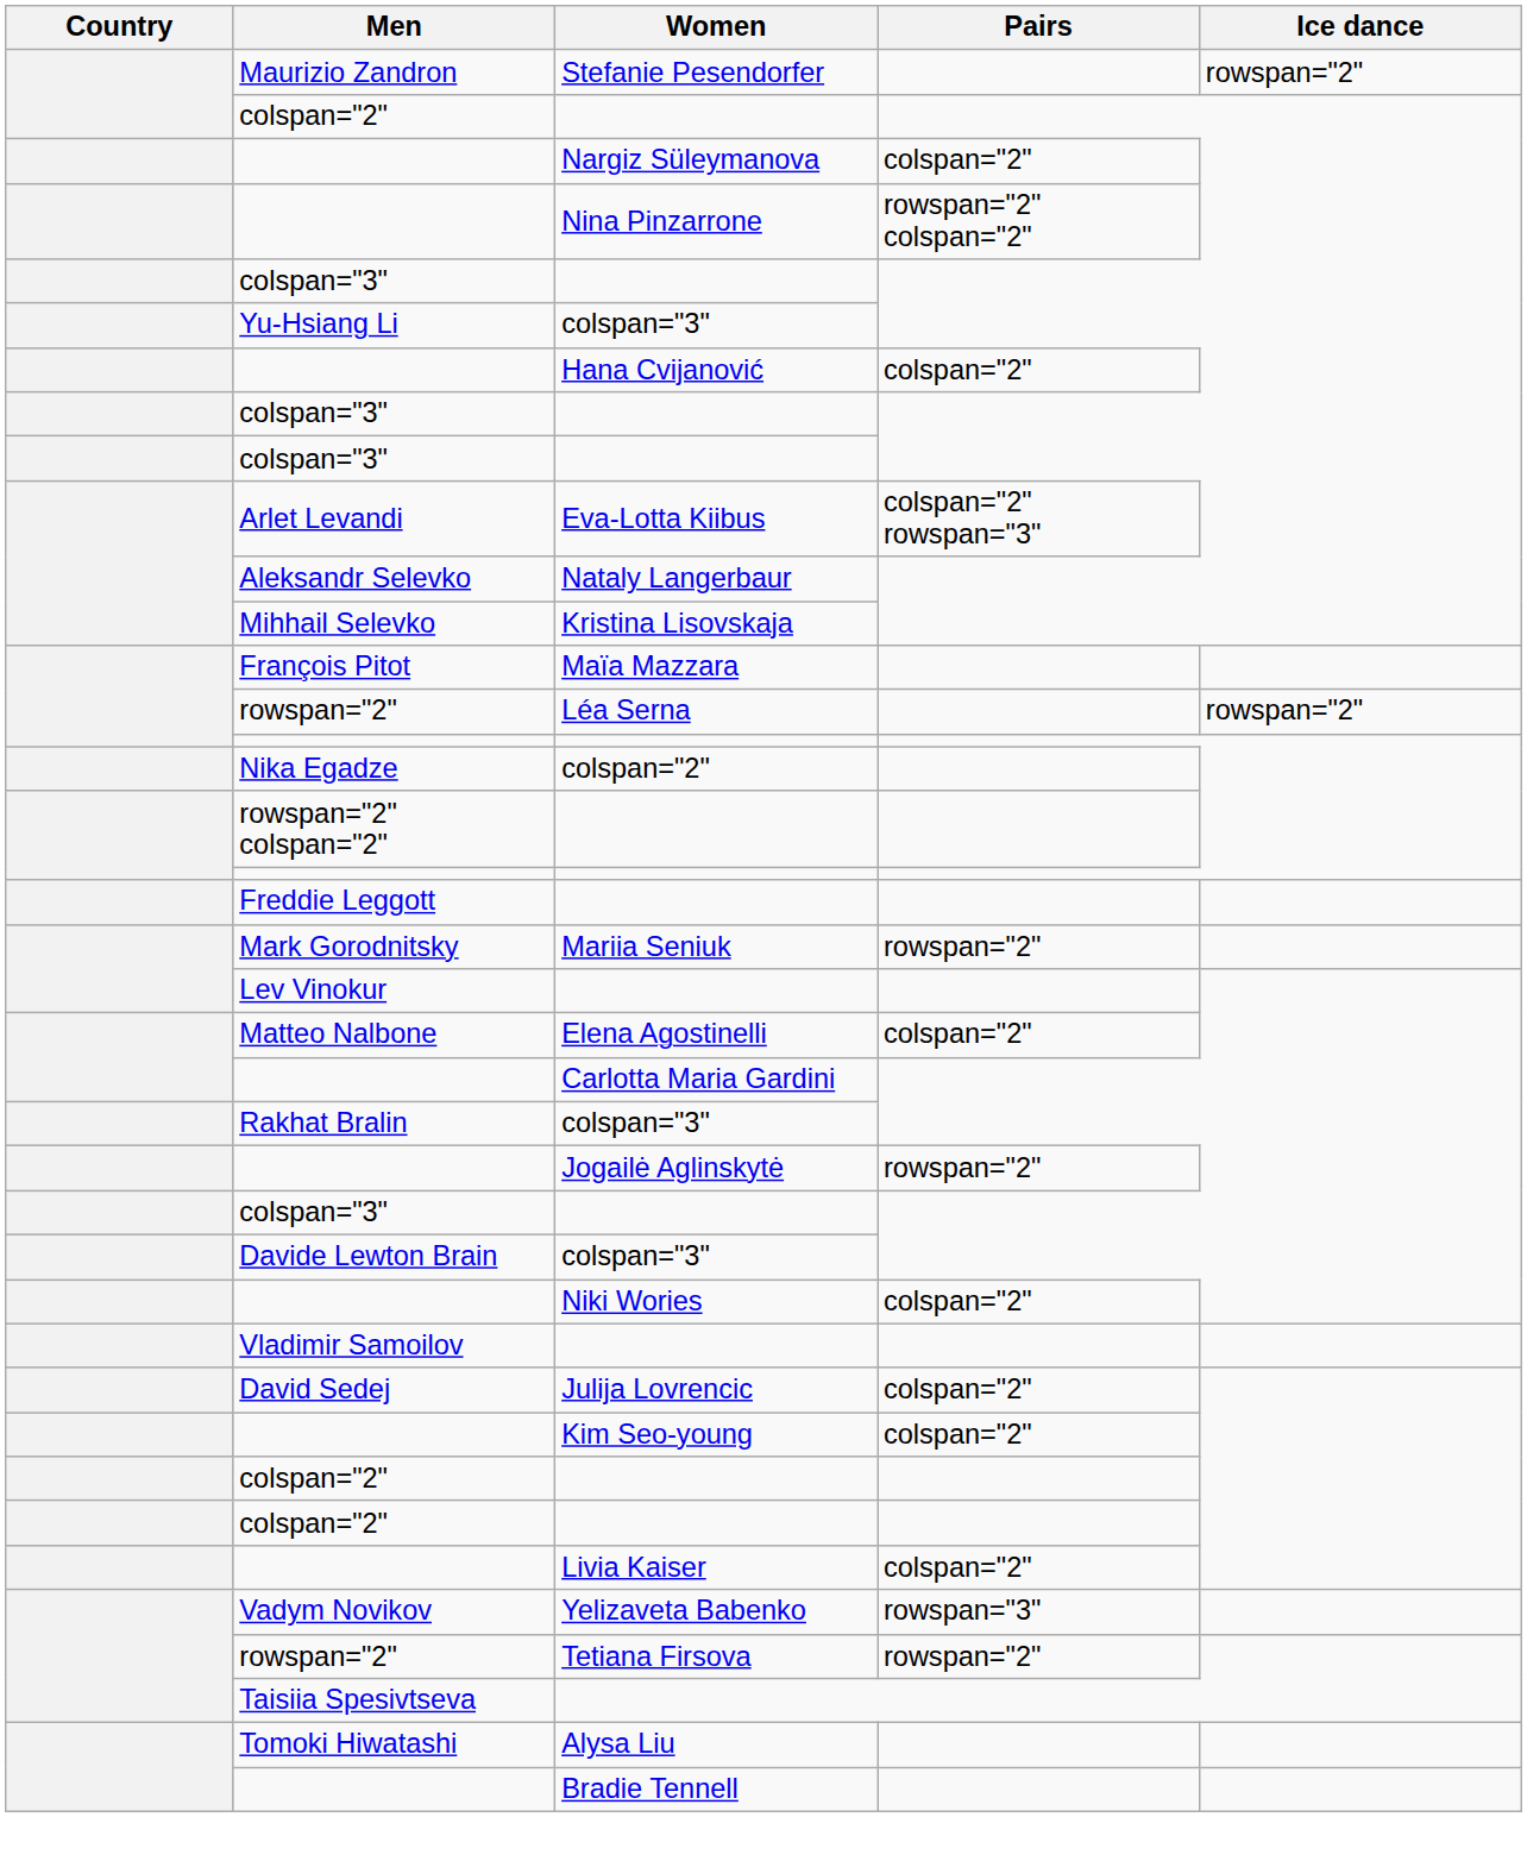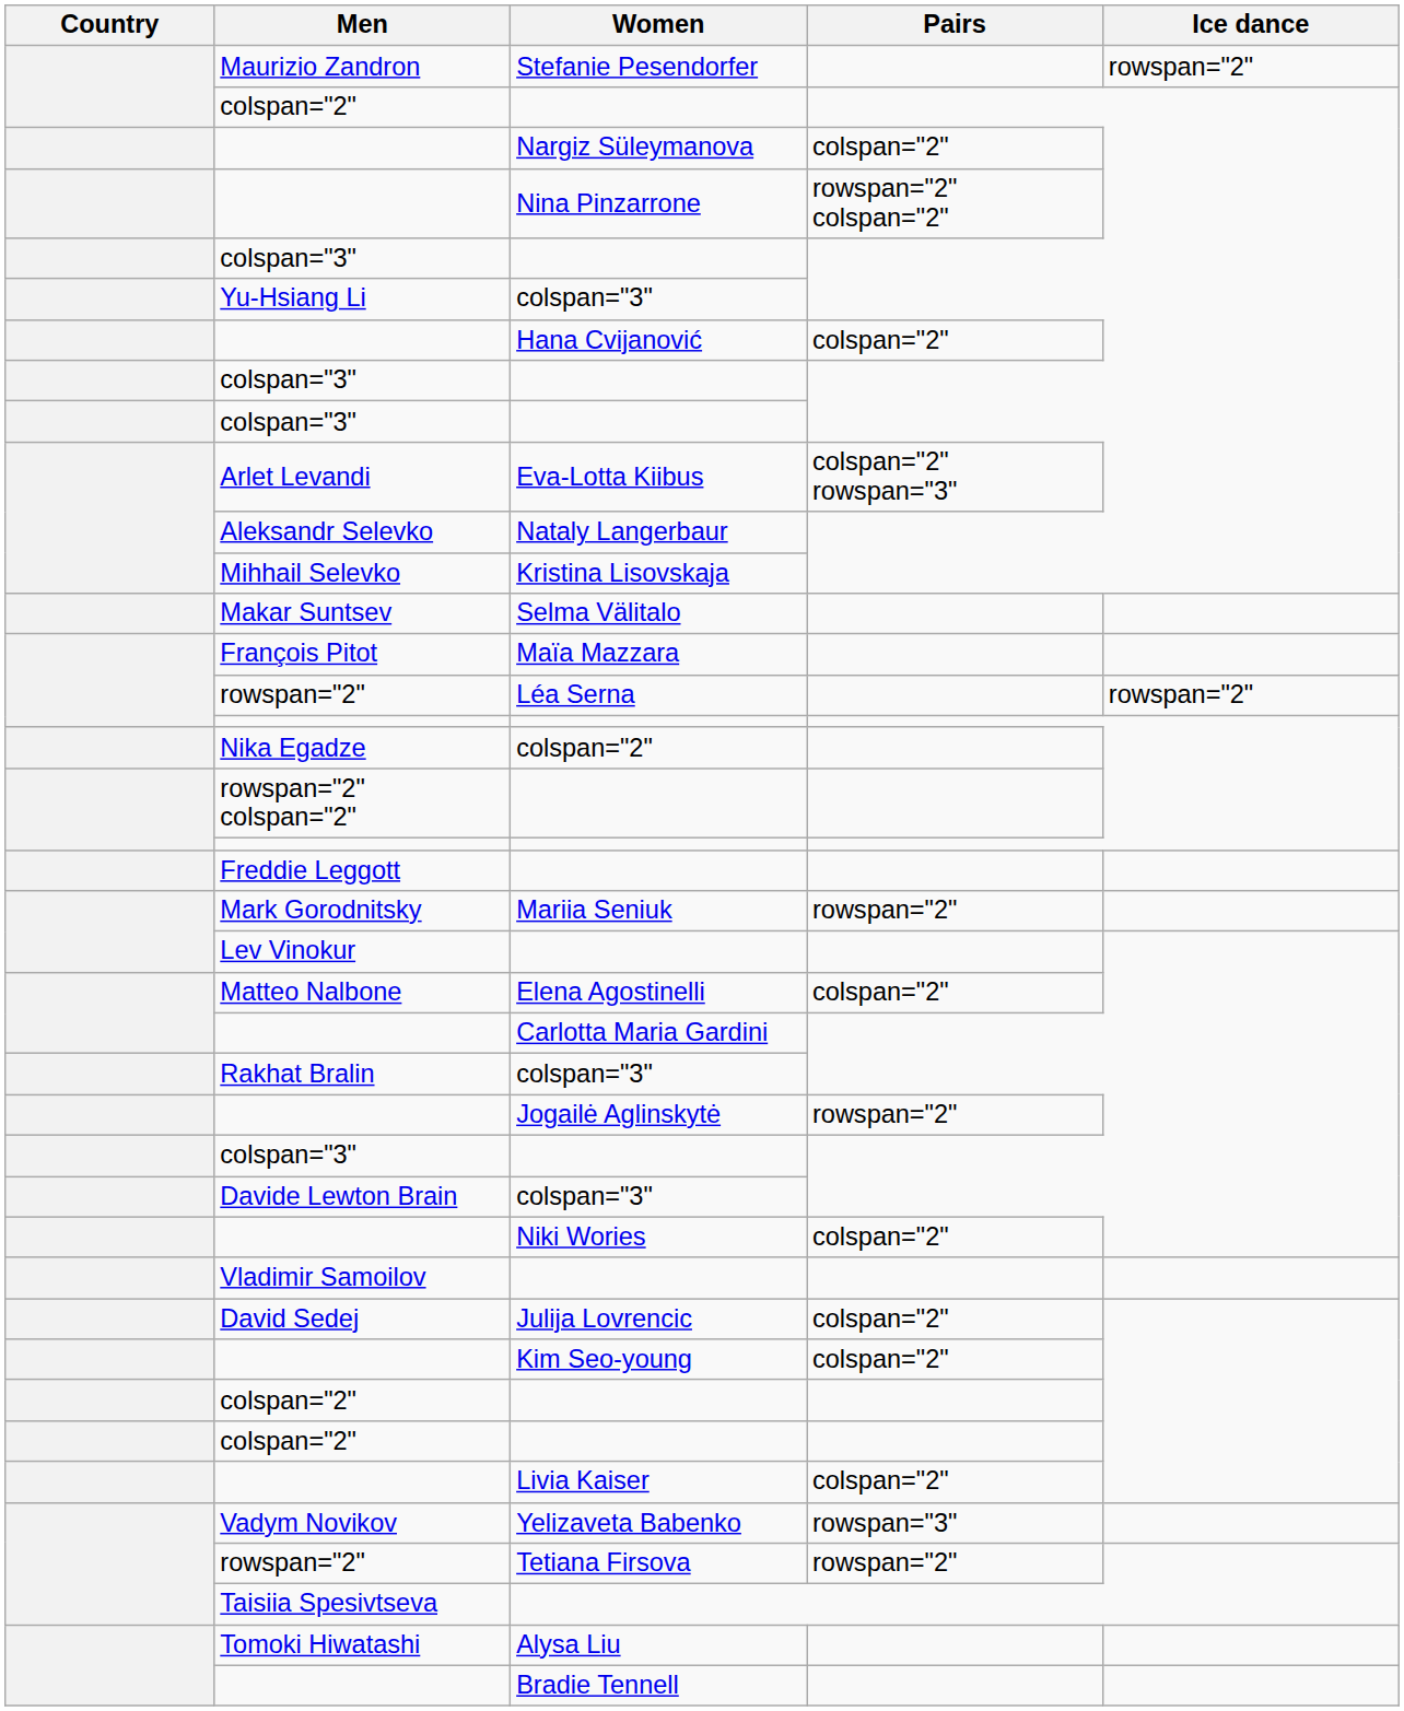 <table class="wikitable unsortable" style="text-align:left">
 <tr>
 <th scope="col" style="width:15%">Country</th>
 <th scope="col" style="width:21.25%">Men</th>
 <th scope="col" style="width:21.25%">Women</th>
 <th scope="col" style="width:21.25%">Pairs</th>
 <th scope="col" style="width:21.25%">Ice dance</th>
 </tr>
 <tr>
 <th rowspan="2" scope="row" style="text-align:left"></th>
 <td><a href='#'>Maurizio Zandron</a></td>
 <td><a href='#'>Stefanie Pesendorfer</a></td>
 <td></td>
 <td>rowspan="2" </td>
 </tr>
 <tr>
 <td>colspan="2" </td>
 <td></td>
 </tr>
 <tr>
 <th scope="row" style="text-align:left"></th>
 <td></td>
 <td><a href='#'>Nargiz Süleymanova</a></td>
 <td>colspan="2" </td>
 </tr>
 <tr>
 <th scope="row" style="text-align:left"></th>
 <td></td>
 <td><a href='#'>Nina Pinzarrone</a></td>
 <td>rowspan="2" colspan="2" </td>
 </tr>
 <tr>
 <th scope="row" style="text-align:left"></th>
 <td>colspan="3" </td>
 <td></td>
 </tr>
 <tr>
 <th scope="row" style="text-align:left"></th>
 <td><a href='#'>Yu-Hsiang Li</a></td>
 <td>colspan="3" </td>
 </tr>
 <tr>
 <th scope="row" style="text-align:left"></th>
 <td></td>
 <td><a href='#'>Hana Cvijanović</a></td>
 <td>colspan="2" </td>
 </tr>
 <tr>
 <th scope="row" style="text-align:left"></th>
 <td>colspan="3" </td>
 <td></td>
 </tr>
 <tr>
 <th scope="row" style="text-align:left"></th>
 <td>colspan="3" </td>
 <td></td>
 </tr>
 <tr>
 <th rowspan="3" scope="row" style="text-align:left"></th>
 <td><a href='#'>Arlet Levandi</a></td>
 <td><a href='#'>Eva-Lotta Kiibus</a></td>
 <td>colspan="2" rowspan="3" </td>
 </tr>
 <tr>
 <td><a href='#'>Aleksandr Selevko</a></td>
 <td><a href='#'>Nataly Langerbaur</a></td>
 </tr>
 <tr>
 <td><a href='#'>Mihhail Selevko</a></td>
 <td><a href='#'>Kristina Lisovskaja</a></td>
+</tr>
+<tr>
+<th scope="row" style="text-align:left"></th>
+<td><a href='#'>Makar Suntsev</a></td>
+<td><a href='#'>Selma Välitalo</a></td>
+<td></td>
+<td></td>
 </tr>
 <tr>
 <th rowspan="3" scope="row" style="text-align:left"></th>
 <td><a href='#'>François Pitot</a></td>
 <td><a href='#'>Maïa Mazzara</a></td>
 <td></td>
 <td></td>
 </tr>
 <tr>
 <td>rowspan="2" </td>
 <td><a href='#'>Léa Serna</a></td>
 <td></td>
 <td>rowspan="2" </td>
 </tr>
 <tr>
 <td></td>
 <td></td>
 </tr>
 <tr>
 <th scope="row" style="text-align:left"></th>
 <td><a href='#'>Nika Egadze</a></td>
 <td>colspan="2" </td>
 <td></td>
 </tr>
 <tr>
 <th rowspan="2" scope="row" style="text-align:left"></th>
 <td>rowspan="2" colspan="2" </td>
 <td></td>
 <td></td>
 </tr>
 <tr>
 <td></td>
 <td></td>
 </tr>
 <tr>
 <th scope="row" style="text-align:left"></th>
 <td><a href='#'>Freddie Leggott</a></td>
 <td></td>
 <td></td>
 <td></td>
 </tr>
 <tr>
 <th scope="row" style="text-align:left" rowspan="2"></th>
 <td><a href='#'>Mark Gorodnitsky</a></td>
 <td><a href='#'>Mariia Seniuk</a></td>
 <td>rowspan="2" </td>
 <td></td>
 </tr>
 <tr>
 <td><a href='#'>Lev Vinokur</a></td>
 <td></td>
 <td></td>
 </tr>
 <tr>
 <th rowspan="2" scope="row" style="text-align:left"></th>
 <td><a href='#'>Matteo Nalbone</a></td>
 <td><a href='#'>Elena Agostinelli</a></td>
 <td>colspan="2" </td>
 </tr>
 <tr>
 <td></td>
 <td><a href='#'>Carlotta Maria Gardini</a></td>
 </tr>
 <tr>
 <th scope="row" style="text-align:left"></th>
 <td><a href='#'>Rakhat Bralin</a></td>
 <td>colspan="3" </td>
 </tr>
 <tr>
 <th scope="row" style="text-align:left"></th>
 <td></td>
 <td><a href='#'>Jogailė Aglinskytė</a></td>
 <td>rowspan="2" </td>
 </tr>
 <tr>
 <th scope="row" style="text-align:left"></th>
 <td>colspan="3" </td>
 <td></td>
 </tr>
 <tr>
 <th scope="row" style="text-align:left"></th>
 <td><a href='#'>Davide Lewton Brain</a></td>
 <td>colspan="3" </td>
 </tr>
 <tr>
 <th scope="row" style="text-align:left"></th>
 <td></td>
 <td><a href='#'>Niki Wories</a></td>
 <td>colspan="2" </td>
 </tr>
 <tr>
 <th scope="row" style="text-align:left"></th>
 <td><a href='#'>Vladimir Samoilov</a></td>
 <td></td>
 <td></td>
 <td></td>
 </tr>
 <tr>
 <th scope="row" style="text-align:left"></th>
 <td><a href='#'>David Sedej</a></td>
 <td><a href='#'>Julija Lovrencic</a></td>
 <td>colspan="2" </td>
 </tr>
 <tr>
 <th scope="row" style="text-align:left"></th>
 <td></td>
 <td><a href='#'>Kim Seo-young</a></td>
 <td>colspan="2" </td>
 </tr>
 <tr>
 <th scope="row" style="text-align:left"></th>
 <td>colspan="2" </td>
 <td></td>
 <td></td>
 </tr>
 <tr>
 <th scope="row" style="text-align:left"></th>
 <td>colspan="2" </td>
 <td></td>
 <td></td>
 </tr>
 <tr>
 <th scope="row" style="text-align:left"></th>
 <td></td>
 <td><a href='#'>Livia Kaiser</a></td>
 <td>colspan="2" </td>
 </tr>
 <tr>
 <th rowspan="3" scope="row" style="text-align:left"></th>
 <td><a href='#'>Vadym Novikov</a></td>
 <td><a href='#'>Yelizaveta Babenko</a></td>
 <td>rowspan="3" </td>
 <td></td>
 </tr>
 <tr>
 <td>rowspan="2" </td>
 <td><a href='#'>Tetiana Firsova</a></td>
 <td>rowspan="2" </td>
 </tr>
 <tr>
 <td><a href='#'>Taisiia Spesivtseva</a></td>
 </tr>
 <tr>
 <th rowspan="2" scope="row" style="text-align:left"></th>
 <td><a href='#'>Tomoki Hiwatashi</a></td>
 <td><a href='#'>Alysa Liu</a></td>
 <td></td>
 <td></td>
 </tr>
 <tr>
 <td></td>
 <td><a href='#'>Bradie Tennell</a></td>
 <td></td>
 <td></td>
 </tr>
 </table>
